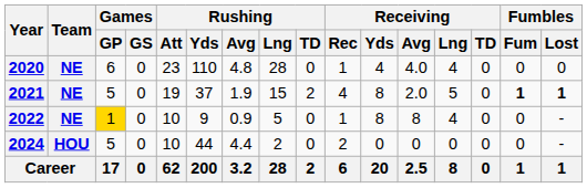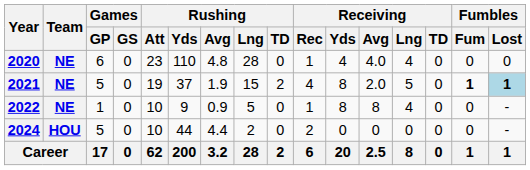 <table class="wikitable" style="text-align:center;">
 <tr>
 <th rowspan="2">Year</th>
 <th rowspan="2">Team</th>
 <th colspan="2">Games</th>
 <th colspan="5">Rushing</th>
 <th colspan="5">Receiving</th>
 <th colspan="2">Fumbles</th>
 </tr>
 <tr>
 <th>GP</th>
 <th>GS</th>
 <th>Att</th>
 <th>Yds</th>
 <th>Avg</th>
 <th>Lng</th>
 <th>TD</th>
 <th>Rec</th>
 <th>Yds</th>
 <th>Avg</th>
 <th>Lng</th>
 <th>TD</th>
 <th>Fum</th>
 <th>Lost</th>
 </tr>
 <tr>
 <th><a href='#'>2020</a></th>
 <th><a href='#'>NE</a></th>
 <td>6</td>
 <td>0</td>
 <td>23</td>
 <td>110</td>
 <td>4.8</td>
 <td>28</td>
 <td>0</td>
 <td>1</td>
 <td>4</td>
 <td>4.0</td>
 <td>4</td>
 <td>0</td>
 <td>0</td>
 <td>0</td>
 </tr>
 <tr>
 <th><a href='#'>2021</a></th>
 <th><a href='#'>NE</a></th>
 <td>5</td>
 <td>0</td>
 <td>19</td>
 <td>37</td>
 <td>1.9</td>
 <td>15</td>
 <td>2</td>
 <td>4</td>
 <td>8</td>
 <td>2.0</td>
 <td>5</td>
 <td>0</td>
 <td><strong>1</strong></td>
-<td><strong>1</strong></td>
+<td style="background: lightblue;"><strong>1</strong></td>
 </tr>
 <tr>
 <th><a href='#'>2022</a></th>
 <th><a href='#'>NE</a></th>
-<td style="background: gold;">1</td>
+<td>1</td>
 <td>0</td>
 <td>10</td>
 <td>9</td>
 <td>0.9</td>
 <td>5</td>
 <td>0</td>
 <td>1</td>
 <td>8</td>
 <td>8</td>
 <td>4</td>
 <td>0</td>
 <td>0</td>
 <td 0>-</td>
 </tr>
 <tr>
 <th><a href='#'>2024</a></th>
 <th><a href='#'>HOU</a></th>
 <td>5</td>
 <td>0</td>
 <td>10</td>
 <td>44</td>
 <td>4.4</td>
 <td>2</td>
 <td>0</td>
 <td>2</td>
 <td>0</td>
 <td>0</td>
 <td>0</td>
 <td>0</td>
 <td>0</td>
 <td 0>-</td>
 </tr>
 <tr>
 <th colspan="2">Career</th>
 <th>17</th>
 <th>0</th>
 <th>62</th>
 <th>200</th>
 <th>3.2</th>
 <th>28</th>
 <th>2</th>
 <th>6</th>
 <th>20</th>
 <th>2.5</th>
 <th>8</th>
 <th>0</th>
 <th>1</th>
 <th>1</th>
 </tr>
 </table>
